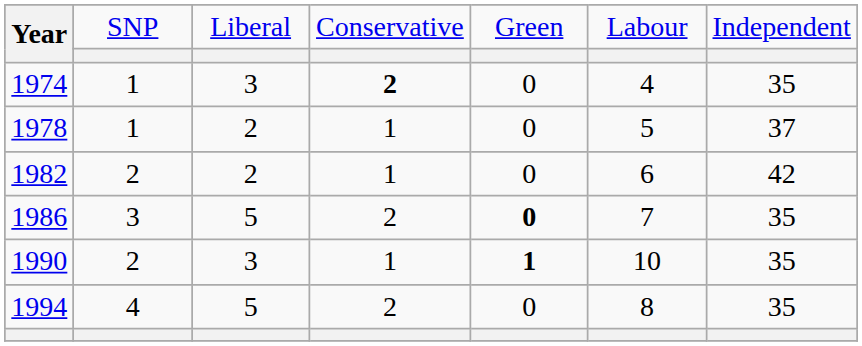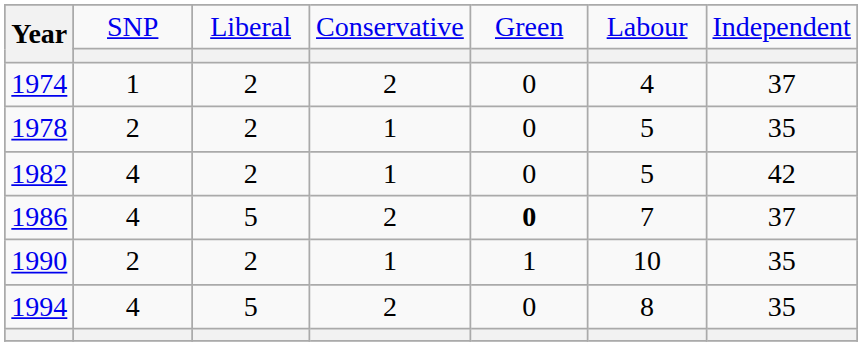 <table class=wikitable style=text-align:center>
 <tr>
 <th rowspan=2>Year</th>
 <td width="60"><a href='#'>SNP</a></td>
 <td width="60"><a href='#'>Liberal</a></td>
 <td width="60"><a href='#'>Conservative</a></td>
 <td width="60"><a href='#'>Green</a></td>
 <td width="60"><a href='#'>Labour</a></td>
 <td width="60"><a href='#'>Independent</a></td>
 </tr>
 <tr>
 <th style="background-color: "></th>
 <th style="background-color: "></th>
 <th style="background-color: "></th>
 <th style="background-color: "></th>
 <th style="background-color: "></th>
 <th style="background-color: "></th>
 </tr>
 <tr>
 <td><a href='#'>1974</a></td>
 <td>1</td>
-<td>3</td>
-<td><strong>2</strong></td>
+<td>2</td>
+<td>2</td>
 <td>0</td>
 <td>4</td>
-<td>35</td>
+<td>37</td>
 </tr>
 <tr>
 <td><a href='#'>1978</a></td>
-<td>1</td>
+<td>2</td>
 <td>2</td>
 <td>1</td>
 <td>0</td>
 <td>5</td>
-<td>37</td>
+<td>35</td>
 </tr>
 <tr>
 <td><a href='#'>1982</a></td>
-<td>2</td>
+<td>4</td>
 <td>2</td>
 <td>1</td>
 <td>0</td>
-<td>6</td>
+<td>5</td>
 <td>42</td>
 </tr>
 <tr>
 <td><a href='#'>1986</a></td>
-<td>3</td>
+<td>4</td>
 <td>5</td>
 <td>2</td>
 <td><strong>0</strong></td>
 <td>7</td>
-<td>35</td>
+<td>37</td>
 </tr>
 <tr>
 <td><a href='#'>1990</a></td>
 <td>2</td>
-<td>3</td>
+<td>2</td>
 <td>1</td>
-<td><strong>1</strong></td>
+<td>1</td>
 <td>10</td>
 <td>35</td>
 </tr>
 <tr>
 <td><a href='#'>1994</a></td>
 <td>4</td>
 <td>5</td>
 <td>2</td>
 <td>0</td>
 <td>8</td>
 <td>35</td>
 </tr>
 <tr>
 <th></th>
 <th style="background-color: "></th>
 <th style="background-color: "></th>
 <th style="background-color: "></th>
 <th style="background-color: "></th>
 <th style="background-color: "></th>
 <th style="background-color: "></th>
 </tr>
 </table>
